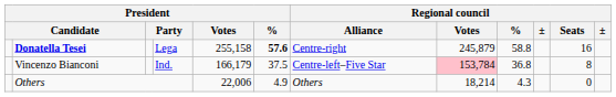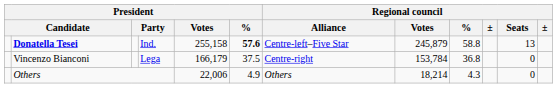 <table class="wikitable" style="text-align:right; style="width=70%">
 <tr>
 <th colspan="6">President</th>
 <th colspan="6">Regional council</th>
 </tr>
 <tr>
 <th colspan="2">Candidate</th>
 <th colspan="2">Party</th>
 <th>Votes</th>
 <th>%</th>
 <th>Alliance</th>
 <th>Votes</th>
 <th>%</th>
 <th>±</th>
 <th>Seats</th>
 <th>±</th>
 </tr>
 <tr>
 <td></td>
 <td style="text-align:left"><strong><a href='#'>Donatella Tesei</a></strong></td>
 <td></td>
-<td style="text-align:left"><a href='#'>Lega</a></td>
+<td style="text-align:left"><a href='#'>Ind.</a></td>
 <td>255,158</td>
 <td><strong>57.6</strong></td>
-<td style="text-align:left"><a href='#'>Centre-right</a></td>
+<td style="text-align:left"><a href='#'>Centre-left</a>–<a href='#'>Five Star</a></td>
 <td>245,879</td>
 <td>58.8</td>
 <td></td>
-<td>16</td>
+<td>13</td>
 <td></td>
 </tr>
 <tr>
 <td></td>
 <td style="text-align:left">Vincenzo Bianconi</td>
 <td></td>
-<td style="text-align:left"><a href='#'>Ind.</a></td>
+<td style="text-align:left"><a href='#'>Lega</a></td>
 <td>166,179</td>
 <td>37.5</td>
-<td style="text-align:left"><a href='#'>Centre-left</a>–<a href='#'>Five Star</a></td>
-<td style="background: pink;">153,784</td>
+<td style="text-align:left"><a href='#'>Centre-right</a></td>
+<td>153,784</td>
 <td>36.8</td>
 <td></td>
-<td>8</td>
+<td>0</td>
 <td></td>
 </tr>
 <tr>
 <td></td>
 <td colspan="3" style="text-align:left"><em>Others</em></td>
 <td>22,006</td>
 <td>4.9</td>
 <td style="text-align:left"><em>Others</em></td>
 <td>18,214</td>
 <td>4.3</td>
 <td></td>
 <td>0</td>
 <td></td>
 </tr>
 </table>
